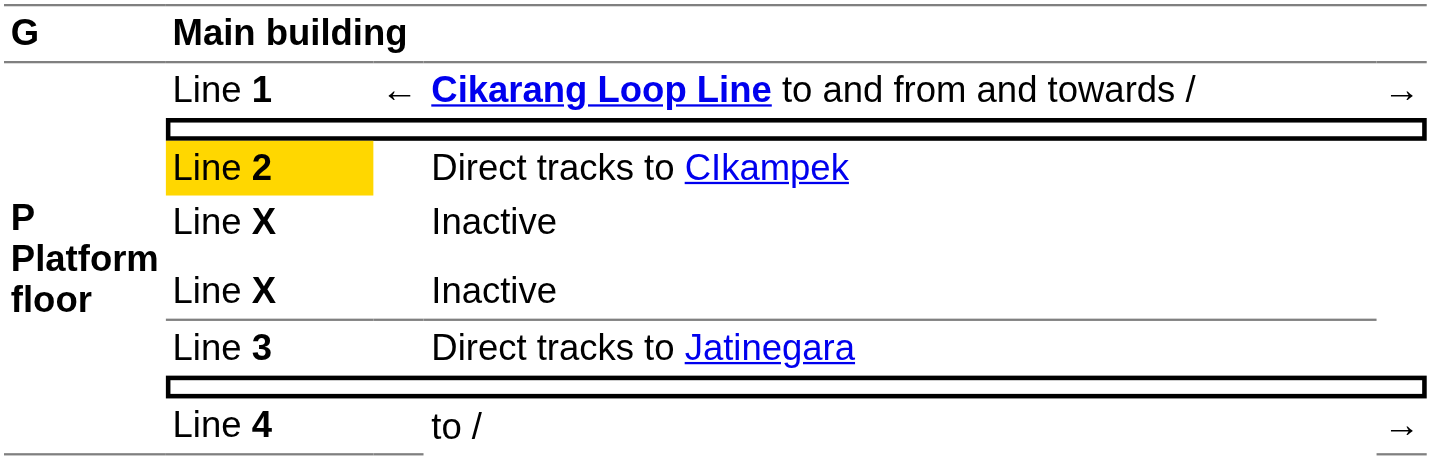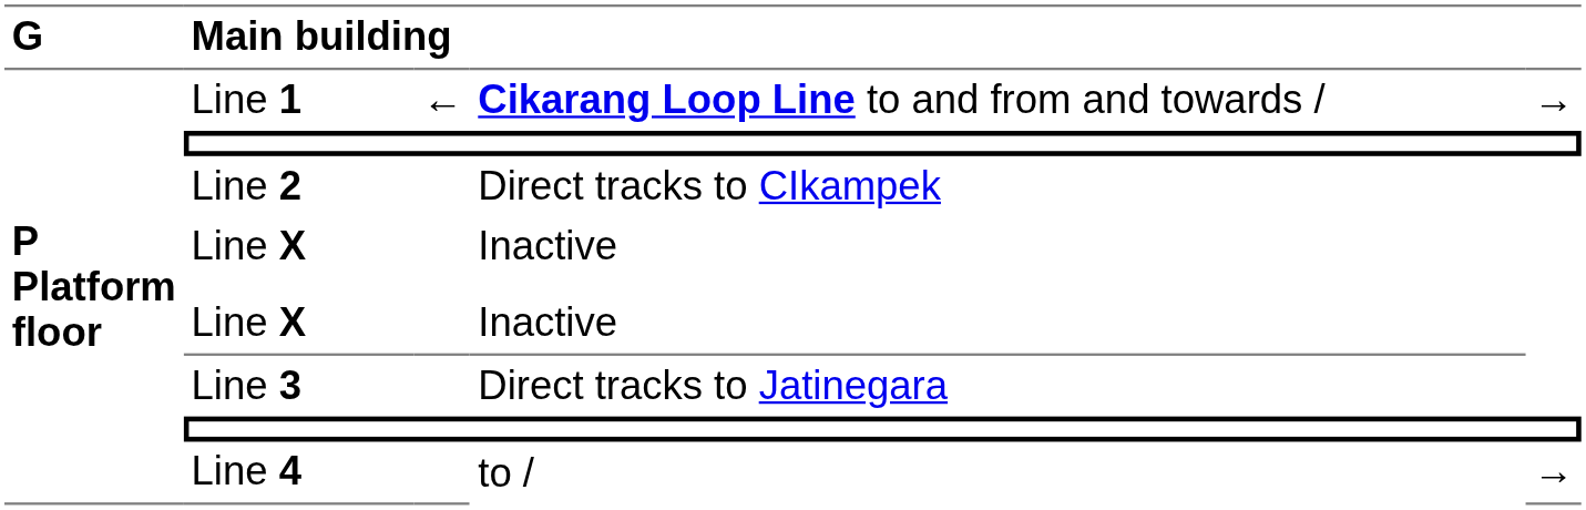 <table cellpadding="3" cellspacing="0">
 <tr>
 <td style="border-top:solid 1px gray;"><strong>G</strong></td>
 <td colspan="4" style="border-top:solid 1px gray;"><strong>Main building</strong></td>
 </tr>
 <tr>
 <td rowspan="9" style="border-top:solid 1px gray; border-bottom:solid 1px gray;"><strong>P</strong><br><strong>Platform floor</strong></td>
 <td style="border-top:solid 1px gray;">Line <strong>1</strong></td>
 <td style="border-top:solid 1px gray;">← </td>
 <td width="500" style="border-top:solid 1px gray;"> <strong><a href='#'>Cikarang Loop Line</a></strong> to  and from and towards /</td>
 <td style="border-top:solid 1px gray;"> →</td>
 </tr>
 <tr>
 <td colspan="4" style="border-top:solid 2px black;border-right:solid 2px black;border-left:solid 2px black;border-bottom:solid 2px black;text-align:center;"></td>
 </tr>
 <tr>
-<td style="background: gold;">Line <strong>2</strong></td>
+<td>Line <strong>2</strong></td>
 <td></td>
 <td width="500">Direct tracks to <a href='#'>CIkampek</a></td>
 <td></td>
 </tr>
 <tr>
 <td>Line <strong>X</strong></td>
 <td></td>
 <td>Inactive</td>
 <td></td>
 </tr>
 <tr>
 <td colspan="4"></td>
 </tr>
 <tr>
 <td>Line <strong>X</strong></td>
 <td></td>
 <td>Inactive</td>
 <td></td>
 </tr>
 <tr>
 <td width="100" style="border-top:solid 1px gray;">Line <strong>3</strong></td>
 <td style="border-top:solid 1px gray;"></td>
 <td width="500" style="border-top:solid 1px gray;">Direct tracks to <a href='#'>Jatinegara</a></td>
 <td></td>
 </tr>
 <tr>
 <td colspan="4" style="border-top:solid 2px black;border-right:solid 2px black;border-left:solid 2px black;border-bottom:solid 2px black;text-align:center;"></td>
 </tr>
 <tr>
 <td style="border-bottom:solid 1px gray;">Line <strong>4</strong></td>
 <td style="border-bottom:solid 1px gray;"></td>
 <td> to /</td>
 <td style="border-bottom:solid 1px gray;"> →</td>
 </tr>
 </table>
